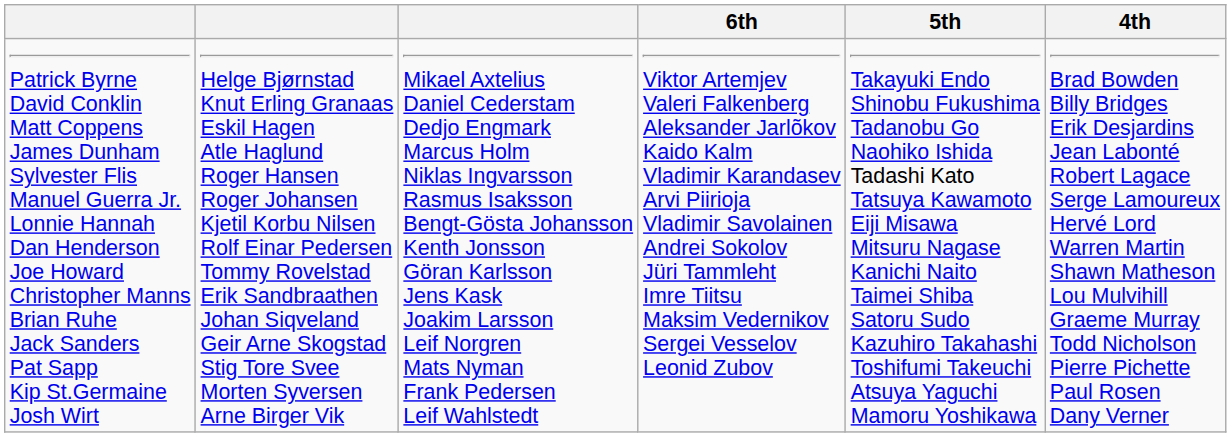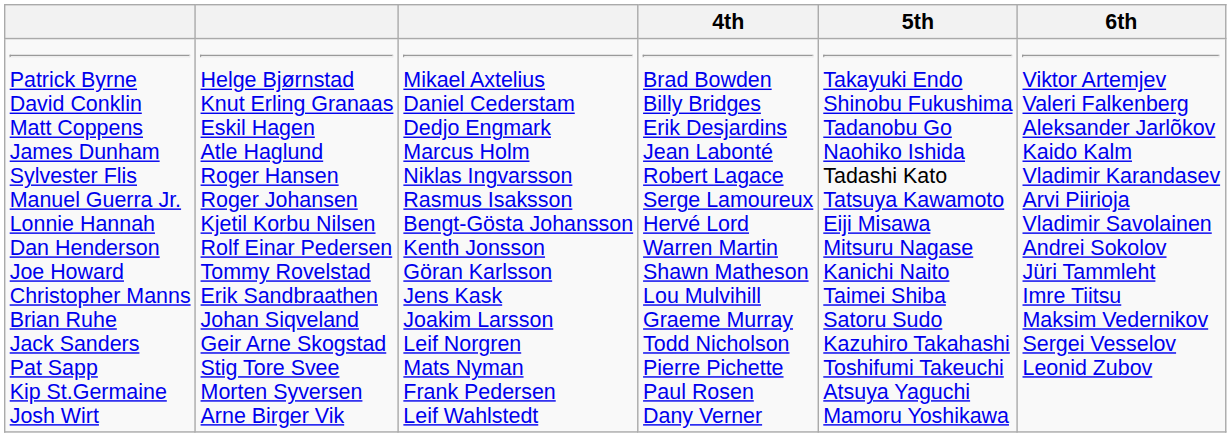 <table class="wikitable" border="1" style="font-size: 95%">
 <tr>
 <th></th>
 <th></th>
 <th></th>
+<th>4th</th>
+<th>5th</th>
 <th>6th</th>
-<th>5th</th>
-<th>4th</th>
 </tr>
 <tr valign=top>
 <td><hr><a href='#'>Patrick Byrne</a><br><a href='#'>David Conklin</a><br><a href='#'>Matt Coppens</a><br><a href='#'>James Dunham</a><br><a href='#'>Sylvester Flis</a><br><a href='#'>Manuel Guerra Jr.</a><br><a href='#'>Lonnie Hannah</a><br><a href='#'>Dan Henderson</a><br><a href='#'>Joe Howard</a><br><a href='#'>Christopher Manns</a><br><a href='#'>Brian Ruhe</a><br><a href='#'>Jack Sanders</a><br><a href='#'>Pat Sapp</a><br><a href='#'>Kip St.Germaine</a><br><a href='#'>Josh Wirt</a></td>
 <td><hr> <a href='#'>Helge Bjørnstad</a><br><a href='#'>Knut Erling Granaas</a><br><a href='#'>Eskil Hagen</a><br><a href='#'>Atle Haglund</a><br><a href='#'>Roger Hansen</a><br><a href='#'>Roger Johansen</a><br><a href='#'>Kjetil Korbu Nilsen</a><br><a href='#'>Rolf Einar Pedersen</a><br><a href='#'>Tommy Rovelstad</a><br><a href='#'>Erik Sandbraathen</a><br><a href='#'>Johan Siqveland</a><br><a href='#'>Geir Arne Skogstad</a><br><a href='#'>Stig Tore Svee</a><br><a href='#'>Morten Syversen</a><br><a href='#'>Arne Birger Vik</a></td>
 <td><hr> <a href='#'>Mikael Axtelius</a><br><a href='#'>Daniel Cederstam</a><br><a href='#'>Dedjo Engmark</a><br><a href='#'>Marcus Holm</a><br><a href='#'>Niklas Ingvarsson</a><br><a href='#'>Rasmus Isaksson</a><br><a href='#'>Bengt-Gösta Johansson</a><br><a href='#'>Kenth Jonsson</a><br><a href='#'>Göran Karlsson</a><br><a href='#'>Jens Kask</a><br><a href='#'>Joakim Larsson</a><br><a href='#'>Leif Norgren</a><br><a href='#'>Mats Nyman</a><br><a href='#'>Frank Pedersen</a><br><a href='#'>Leif Wahlstedt</a></td>
+<td><hr> <a href='#'>Brad Bowden</a><br><a href='#'>Billy Bridges</a><br><a href='#'>Erik Desjardins</a><br><a href='#'>Jean Labonté</a><br><a href='#'>Robert Lagace</a><br><a href='#'>Serge Lamoureux</a><br><a href='#'>Hervé Lord</a><br><a href='#'>Warren Martin</a><br><a href='#'>Shawn Matheson</a><br><a href='#'>Lou Mulvihill</a><br><a href='#'>Graeme Murray</a><br><a href='#'>Todd Nicholson</a><br><a href='#'>Pierre Pichette</a><br><a href='#'>Paul Rosen</a><br><a href='#'>Dany Verner</a></td>
+<td><hr><a href='#'>Takayuki Endo</a><br><a href='#'>Shinobu Fukushima</a><br><a href='#'>Tadanobu Go</a><br><a href='#'>Naohiko Ishida</a><br>Tadashi Kato<br><a href='#'>Tatsuya Kawamoto</a><br><a href='#'>Eiji Misawa</a><br><a href='#'>Mitsuru Nagase</a><br><a href='#'>Kanichi Naito</a><br><a href='#'>Taimei Shiba</a><br><a href='#'>Satoru Sudo</a><br><a href='#'>Kazuhiro Takahashi</a><br><a href='#'>Toshifumi Takeuchi</a><br><a href='#'>Atsuya Yaguchi</a><br><a href='#'>Mamoru Yoshikawa</a></td>
 <td><hr><a href='#'>Viktor Artemjev</a><br><a href='#'>Valeri Falkenberg</a><br><a href='#'>Aleksander Jarlõkov</a><br><a href='#'>Kaido Kalm</a><br><a href='#'>Vladimir Karandasev</a><br><a href='#'>Arvi Piirioja</a><br><a href='#'>Vladimir Savolainen</a><br><a href='#'>Andrei Sokolov</a><br><a href='#'>Jüri Tammleht</a><br><a href='#'>Imre Tiitsu</a><br><a href='#'>Maksim Vedernikov</a><br><a href='#'>Sergei Vesselov</a><br><a href='#'>Leonid Zubov</a></td>
-<td><hr><a href='#'>Takayuki Endo</a><br><a href='#'>Shinobu Fukushima</a><br><a href='#'>Tadanobu Go</a><br><a href='#'>Naohiko Ishida</a><br>Tadashi Kato<br><a href='#'>Tatsuya Kawamoto</a><br><a href='#'>Eiji Misawa</a><br><a href='#'>Mitsuru Nagase</a><br><a href='#'>Kanichi Naito</a><br><a href='#'>Taimei Shiba</a><br><a href='#'>Satoru Sudo</a><br><a href='#'>Kazuhiro Takahashi</a><br><a href='#'>Toshifumi Takeuchi</a><br><a href='#'>Atsuya Yaguchi</a><br><a href='#'>Mamoru Yoshikawa</a></td>
-<td><hr> <a href='#'>Brad Bowden</a><br><a href='#'>Billy Bridges</a><br><a href='#'>Erik Desjardins</a><br><a href='#'>Jean Labonté</a><br><a href='#'>Robert Lagace</a><br><a href='#'>Serge Lamoureux</a><br><a href='#'>Hervé Lord</a><br><a href='#'>Warren Martin</a><br><a href='#'>Shawn Matheson</a><br><a href='#'>Lou Mulvihill</a><br><a href='#'>Graeme Murray</a><br><a href='#'>Todd Nicholson</a><br><a href='#'>Pierre Pichette</a><br><a href='#'>Paul Rosen</a><br><a href='#'>Dany Verner</a></td>
 </tr>
 </table>
